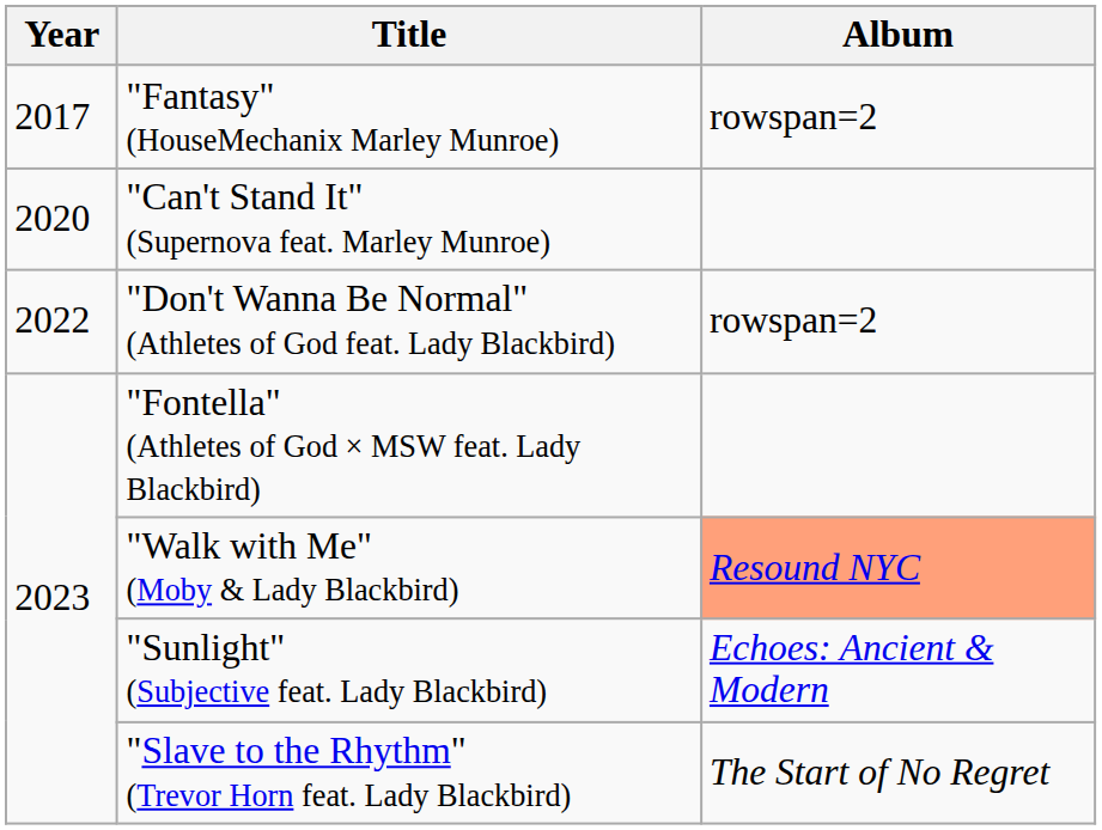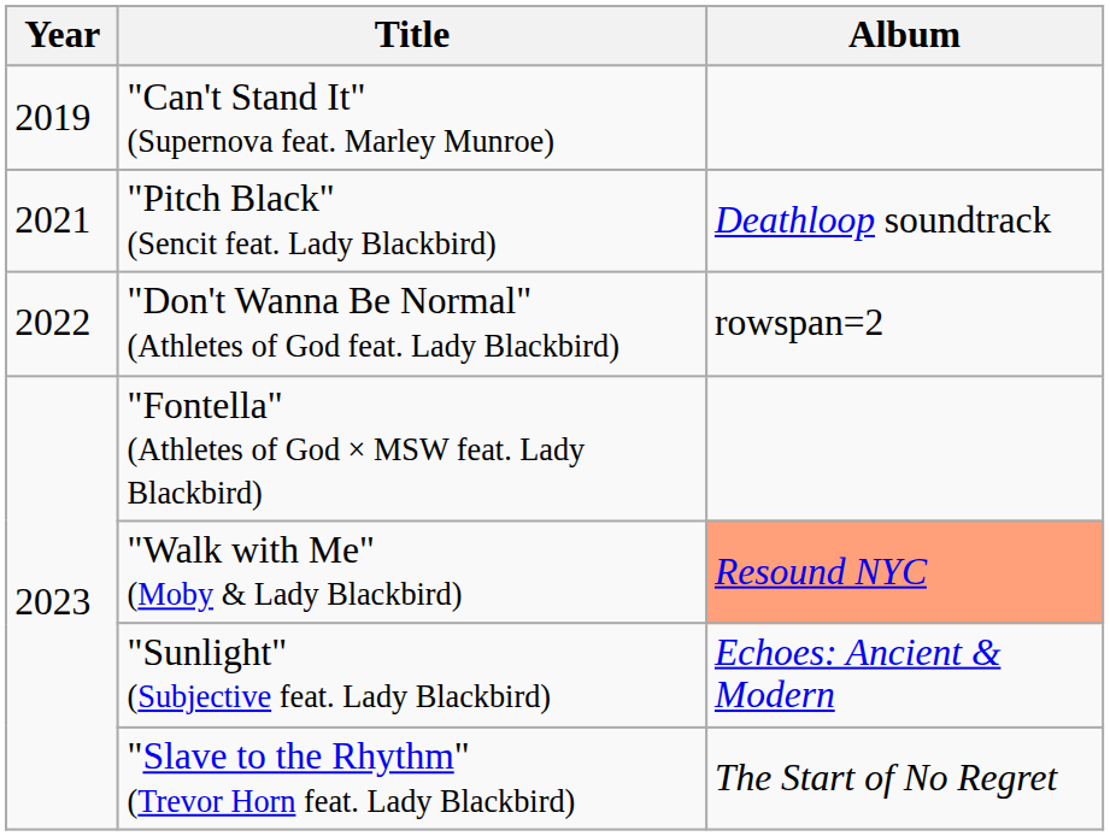 <table class="wikitable sortable">
 <tr>
 <th scope="col" style="width:2.5em;">Year</th>
 <th scope="col" style="width:15em;">Title</th>
 <th scope="col" style="width:10em;">Album</th>
 </tr>
 <tr>
-<td>2017</td>
-<td scope="row">"Fantasy"<br><small>(HouseMechanix  Marley Munroe)</small></td>
-<td>rowspan=2 </td>
+<td>2019</td>
+<td scope="row">"Can't Stand It"<br><small>(Supernova feat. Marley Munroe)</small></td>
 </tr>
 <tr>
-<td>2020</td>
-<td scope="row">"Can't Stand It"<br><small>(Supernova feat. Marley Munroe)</small></td>
+<td>2021</td>
+<td scope="row">"Pitch Black"<br><small>(Sencit feat. Lady Blackbird)</small></td>
+<td><em><a href='#'>Deathloop</a></em> soundtrack</td>
 </tr>
 <tr>
 <td>2022</td>
 <td scope="row">"Don't Wanna Be Normal"<br><small>(Athletes of God feat. Lady Blackbird)</small></td>
 <td>rowspan=2 </td>
 </tr>
 <tr>
 <td rowspan=4>2023</td>
 <td scope="row">"Fontella"<br><small>(Athletes of God × MSW feat. Lady Blackbird)</small></td>
 </tr>
 <tr>
 <td scope="row">"Walk with Me"<br><small>(<a href='#'>Moby</a> & Lady Blackbird)</small></td>
 <td style="background: lightsalmon;"><em><a href='#'>Resound NYC</a></em></td>
 </tr>
 <tr>
 <td scope="row">"Sunlight"<br><small>(<a href='#'>Subjective</a> feat. Lady Blackbird)</small></td>
 <td><em><a href='#'>Echoes: Ancient & Modern</a></em></td>
 </tr>
 <tr>
 <td scope="row">"<a href='#'>Slave to the Rhythm</a>"<br><small>(<a href='#'>Trevor Horn</a> feat. Lady Blackbird)</small></td>
 <td><em>The Start of No Regret</em></td>
 </tr>
 </table>
